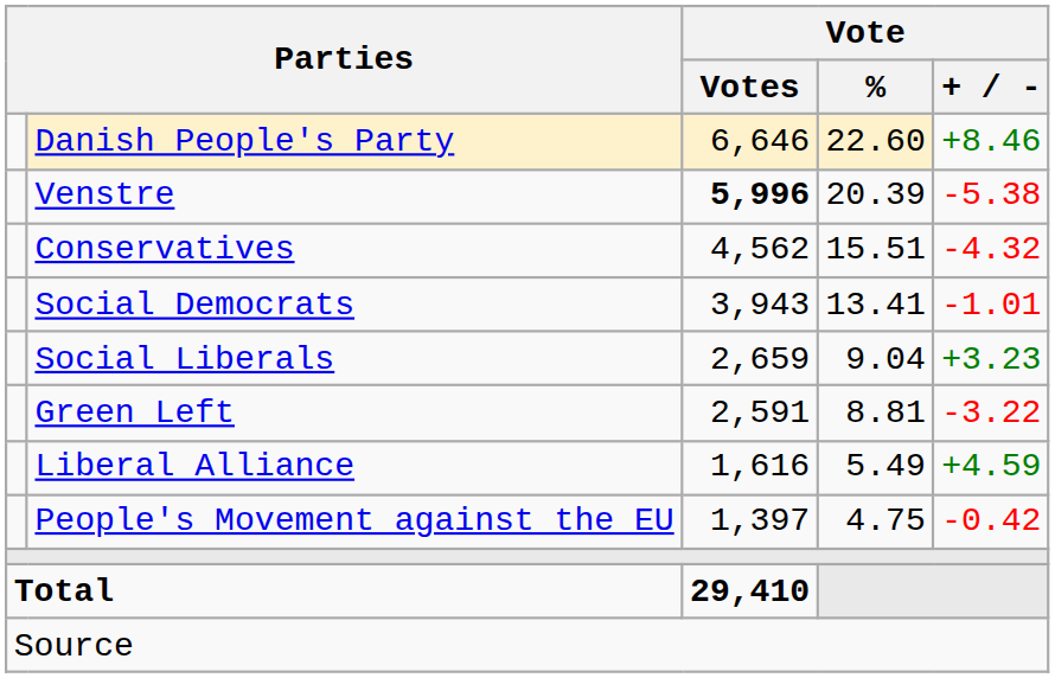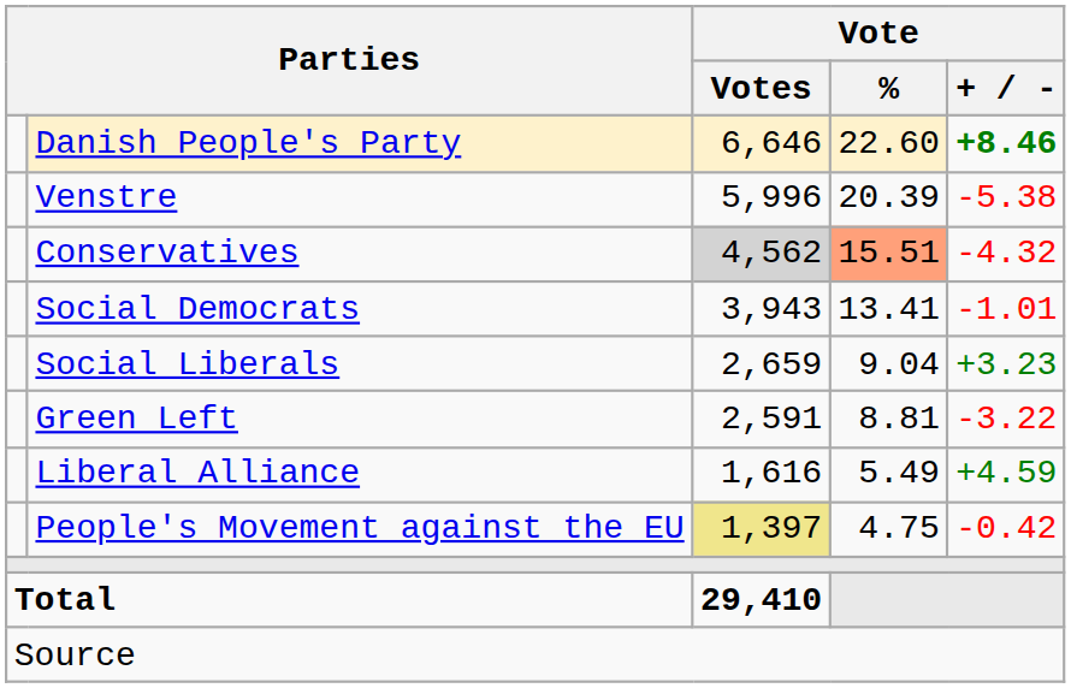 <table class="wikitable" style="text-align:right;">
 <tr>
 <th style="text-align:centre;" rowspan="2" colspan="2" width="225">Parties</th>
 <th colspan="3">Vote</th>
 </tr>
 <tr>
 <th width="15">Votes</th>
 <th width="15">%</th>
 <th width="15">+ / -</th>
 </tr>
 <tr>
 <td width="2" style="color:inherit;background:"></td>
 <td bgcolor=#fef2cc   align="left"><a href='#'>Danish People's Party</a></td>
 <td bgcolor=#fef2cc>6,646</td>
 <td bgcolor=#fef2cc>22.60</td>
-<td style=color:green;>+8.46</td>
+<td style=color:green;><strong>+8.46</strong></td>
 </tr>
 <tr>
 <td width="2" style="color:inherit;background:"></td>
 <td align="left"><a href='#'>Venstre</a></td>
-<td><strong>5,996</strong></td>
+<td>5,996</td>
 <td>20.39</td>
 <td style=color:red;>-5.38</td>
 </tr>
 <tr>
 <td width="2" style="color:inherit;background:"></td>
 <td align="left"><a href='#'>Conservatives</a></td>
-<td>4,562</td>
-<td>15.51</td>
+<td style="background: lightgrey;">4,562</td>
+<td style="background: lightsalmon;">15.51</td>
 <td style=color:red;>-4.32</td>
 </tr>
 <tr>
 <td width="2" style="color:inherit;background:"></td>
 <td align="left"><a href='#'>Social Democrats</a></td>
 <td>3,943</td>
 <td>13.41</td>
 <td style=color:red;>-1.01</td>
 </tr>
 <tr>
 <td width="2" style="color:inherit;background:"></td>
 <td align="left"><a href='#'>Social Liberals</a></td>
 <td>2,659</td>
 <td>9.04</td>
 <td style=color:green;>+3.23</td>
 </tr>
 <tr>
 <td width="2" style="color:inherit;background:"></td>
 <td align="left"><a href='#'>Green Left</a></td>
 <td>2,591</td>
 <td>8.81</td>
 <td style=color:red;>-3.22</td>
 </tr>
 <tr>
 <td width="2" style="color:inherit;background:"></td>
 <td align="left"><a href='#'>Liberal Alliance</a></td>
 <td>1,616</td>
 <td>5.49</td>
 <td style=color:green;>+4.59</td>
 </tr>
 <tr>
 <td width="2" style="color:inherit;background:"></td>
 <td align="left"><a href='#'>People's Movement against the EU</a></td>
-<td>1,397</td>
+<td style="background: khaki;">1,397</td>
 <td>4.75</td>
 <td style=color:red;>-0.42</td>
 </tr>
 <tr>
 <td colspan="7" bgcolor="#E9E9E9"></td>
 </tr>
 <tr>
 <td align="left" colspan="2"><strong>Total</strong></td>
 <td><strong>29,410</strong></td>
 <td bgcolor="#E9E9E9" colspan="2"></td>
 </tr>
 <tr>
 <td align="left" colspan="6">Source</td>
 </tr>
 </table>
